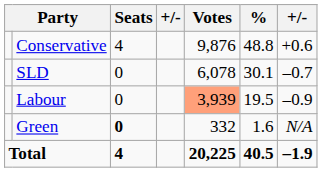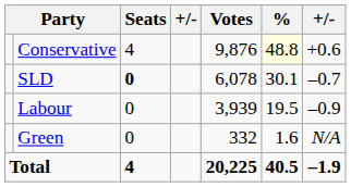 <table class="wikitable sortable">
 <tr>
 <th colspan="2">Party</th>
 <th>Seats</th>
 <th>+/-</th>
 <th>Votes</th>
 <th>%</th>
 <th>+/-</th>
 </tr>
 <tr>
 <td style="background-color: "></td>
 <td><a href='#'>Conservative</a></td>
 <td>4</td>
 <td></td>
 <td style="text-align:right;">9,876</td>
-<td style="text-align:right;">48.8</td>
+<td style="background: lightyellow; text-align:right;">48.8</td>
 <td style="text-align:right;">+0.6</td>
 </tr>
 <tr>
 <td style="background-color: "></td>
 <td><a href='#'>SLD</a></td>
-<td>0</td>
+<td><strong>0</strong></td>
 <td></td>
 <td style="text-align:right;">6,078</td>
 <td style="text-align:right;">30.1</td>
 <td style="text-align:right;">–0.7</td>
 </tr>
 <tr>
 <td style="background-color: "></td>
 <td><a href='#'>Labour</a></td>
 <td>0</td>
 <td></td>
-<td style="background: lightsalmon; text-align:right;">3,939</td>
+<td style="text-align:right;">3,939</td>
 <td style="text-align:right;">19.5</td>
 <td style="text-align:right;">–0.9</td>
 </tr>
 <tr>
 <td style="background-color: "></td>
 <td><a href='#'>Green</a></td>
-<td><strong>0</strong></td>
+<td>0</td>
 <td></td>
 <td style="text-align:right;">332</td>
 <td style="text-align:right;">1.6</td>
 <td style="text-align:right;"><em>N/A</em></td>
 </tr>
 <tr>
 <td colspan="2"><strong>Total</strong></td>
 <td><strong>4</strong></td>
 <td></td>
 <td style="text-align:right;"><strong>20,225</strong></td>
 <td style="text-align:right;"><strong>40.5</strong></td>
 <td style="text-align:right;"><strong>–1.9</strong></td>
 </tr>
 </table>
